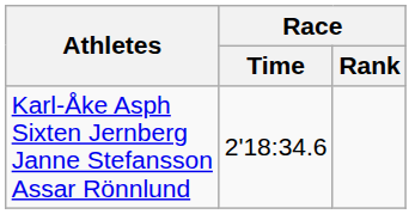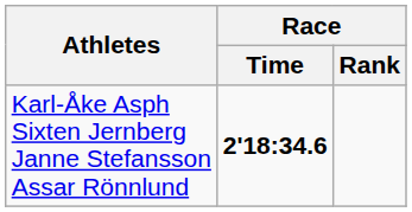 <table class="wikitable" border="1" style="font-size:90%">
 <tr>
 <th rowspan=2>Athletes</th>
 <th colspan=2>Race</th>
 </tr>
 <tr>
 <th>Time</th>
 <th>Rank</th>
 </tr>
 <tr>
 <td><a href='#'>Karl-Åke Asph</a><br><a href='#'>Sixten Jernberg</a><br><a href='#'>Janne Stefansson</a><br><a href='#'>Assar Rönnlund</a></td>
-<td align=center>2'18:34.6</td>
+<td align=center><strong>2'18:34.6</strong></td>
 <td align=center></td>
 </tr>
 </table>
